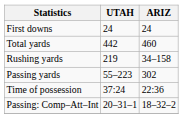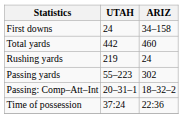 <table class="wikitable" style="float: left;">
 <tr>
 <th>Statistics</th>
 <th>UTAH</th>
 <th>ARIZ</th>
 </tr>
 <tr>
 <td>First downs</td>
 <td>24</td>
-<td>24</td>
+<td>34–158</td>
 </tr>
 <tr>
 <td>Total yards</td>
 <td>442</td>
 <td>460</td>
 </tr>
 <tr>
 <td>Rushing yards</td>
 <td>219</td>
-<td>34–158</td>
+<td>24</td>
 </tr>
 <tr>
 <td>Passing yards</td>
 <td>55–223</td>
 <td>302</td>
 </tr>
 <tr>
+<td>Passing: Comp–Att–Int</td>
+<td>20–31–1</td>
+<td>18–32–2</td>
+</tr>
+<tr>
 <td>Time of possession</td>
 <td>37:24</td>
 <td>22:36</td>
 </tr>
 <tr>
-<td>Passing: Comp–Att–Int</td>
-<td>20–31–1</td>
-<td>18–32–2</td>
-</tr>
-<tr>
 </tr>
 </table>
